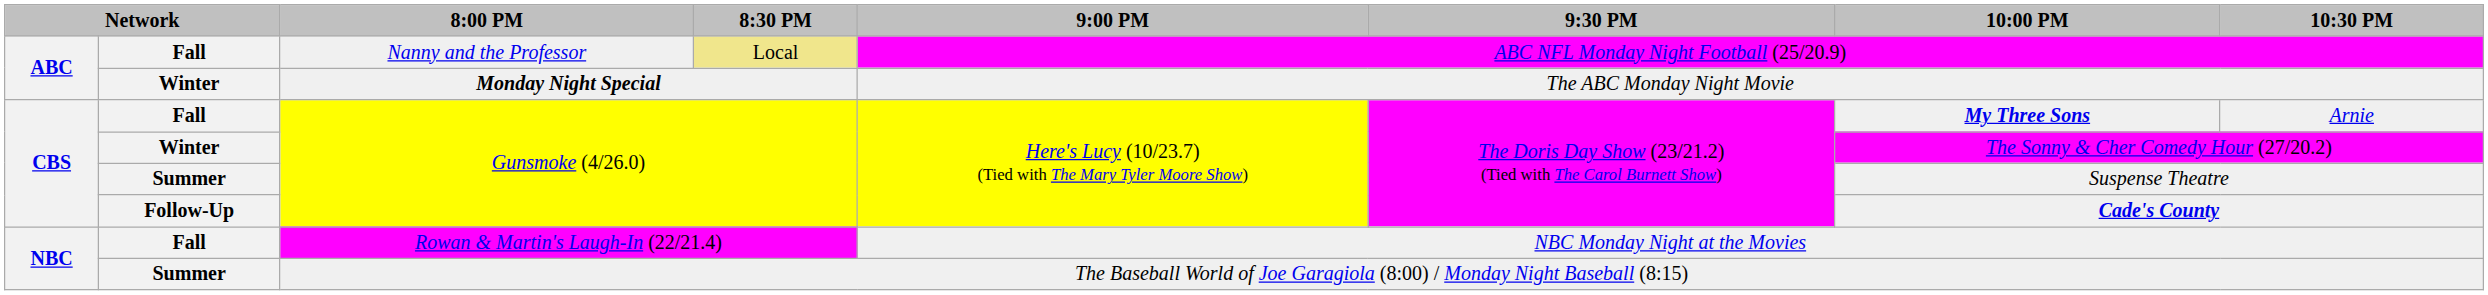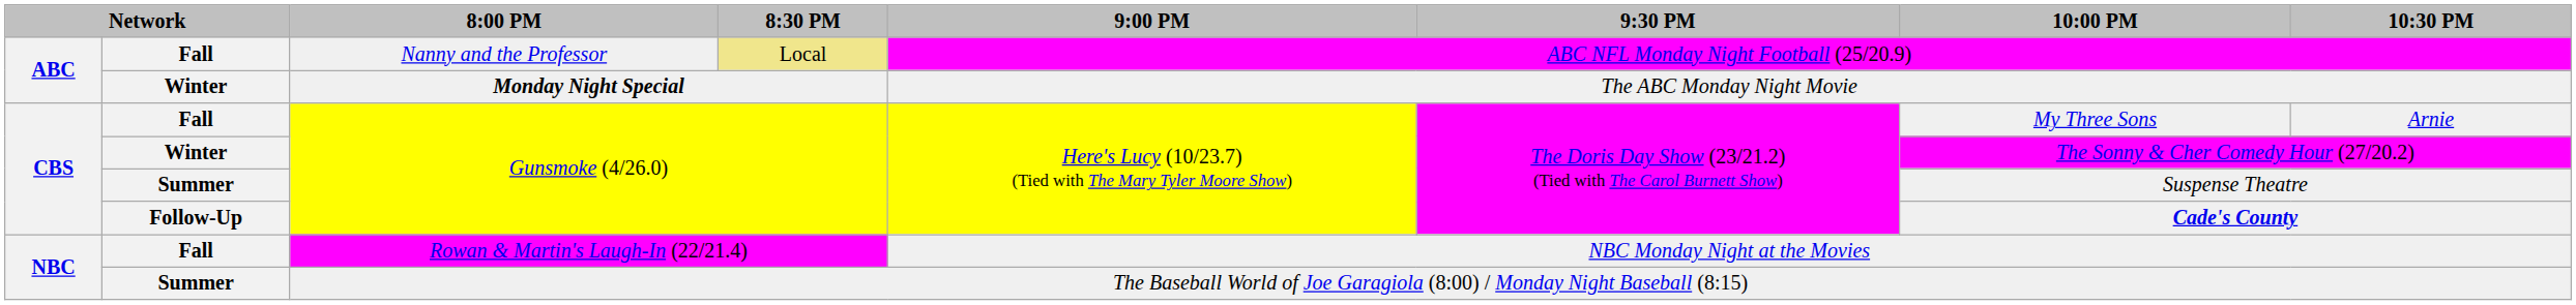 <table class="wikitable" style="width:100%;margin-right:0;text-align:center">
 <tr>
 <th colspan="2" style="background-color:#C0C0C0;text-align:center">Network</th>
 <th style="background-color:#C0C0C0;text-align:center">8:00 PM</th>
 <th style="background-color:#C0C0C0;text-align:center">8:30 PM</th>
 <th style="background-color:#C0C0C0;text-align:center">9:00 PM</th>
 <th style="background-color:#C0C0C0;text-align:center">9:30 PM</th>
 <th style="background-color:#C0C0C0;text-align:center">10:00 PM</th>
 <th style="background-color:#C0C0C0;text-align:center">10:30 PM</th>
 </tr>
 <tr>
 <th bgcolor="#C0C0C0" rowspan="2"><a href='#'>ABC</a></th>
 <th>Fall</th>
 <td bgcolor="#F0F0F0"><em><a href='#'>Nanny and the Professor</a></em></td>
 <td style="background: khaki;">Local</td>
 <td bgcolor="magenta" colspan="4"><em><a href='#'>ABC NFL Monday Night Football</a></em> (25/20.9)</td>
 </tr>
 <tr>
 <th>Winter</th>
 <td bgcolor="#F0F0F0" colspan="2"><strong><em>Monday Night Special</em></strong></td>
 <td bgcolor="#F0F0F0" colspan="4"><em>The ABC Monday Night Movie</em></td>
 </tr>
 <tr>
 <th bgcolor="#C0C0C0" rowspan="4"><a href='#'>CBS</a></th>
 <th>Fall</th>
 <td bgcolor="yellow" colspan="2" rowspan="4"><em><a href='#'>Gunsmoke</a></em> (4/26.0)</td>
 <td bgcolor="yellow" rowspan="4"><em><a href='#'>Here's Lucy</a></em> (10/23.7)<br><small>(Tied with <em><a href='#'>The Mary Tyler Moore Show</a></em>)</small></td>
 <td bgcolor="magenta" rowspan="4"><em><a href='#'>The Doris Day Show</a></em> (23/21.2)<br><small>(Tied with <em><a href='#'>The Carol Burnett Show</a></em>)</small></td>
-<td bgcolor="#F0F0F0"><strong><em><a href='#'>My Three Sons</a></em></strong></td>
+<td bgcolor="#F0F0F0"><em><a href='#'>My Three Sons</a></em></td>
 <td bgcolor="#F0F0F0"><em><a href='#'>Arnie</a></em></td>
 </tr>
 <tr>
 <th>Winter</th>
 <td bgcolor="magenta" colspan="2"><em><a href='#'>The Sonny & Cher Comedy Hour</a></em> (27/20.2)</td>
 </tr>
 <tr>
 <th>Summer</th>
 <td bgcolor="#F0F0F0" colspan="2"><em>Suspense Theatre</em></td>
 </tr>
 <tr>
 <th>Follow-Up</th>
 <td bgcolor="#F0F0F0" colspan="2"><strong><em><a href='#'>Cade's County</a></em></strong></td>
 </tr>
 <tr>
 <th bgcolor="#C0C0C0" rowspan="2"><a href='#'>NBC</a></th>
 <th>Fall</th>
 <td bgcolor="magenta" colspan="2"><em><a href='#'>Rowan & Martin's Laugh-In</a></em> (22/21.4)</td>
 <td bgcolor="#F0F0F0" colspan="4"><em><a href='#'>NBC Monday Night at the Movies</a></em></td>
 </tr>
 <tr>
 <th>Summer</th>
 <td bgcolor="#F0F0F0" colspan="6"><em>The Baseball World of <a href='#'>Joe Garagiola</a></em> (8:00) / <em><a href='#'>Monday Night Baseball</a></em> (8:15)</td>
 </tr>
 </table>
